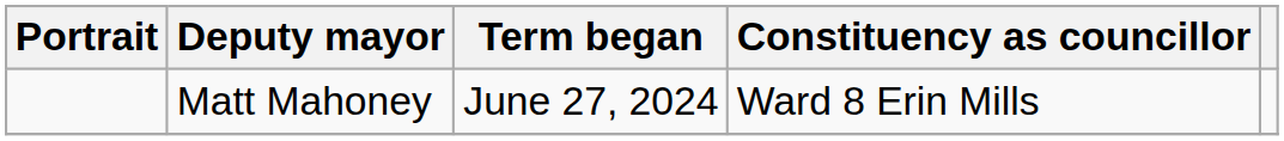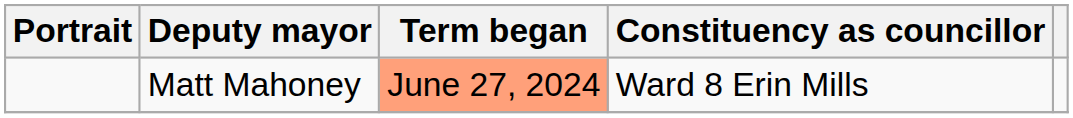 <table class="wikitable">
 <tr>
 <th>Portrait</th>
 <th>Deputy mayor</th>
 <th>Term began</th>
 <th>Constituency as councillor</th>
 <th></th>
 </tr>
 <tr>
 <td></td>
 <td>Matt Mahoney</td>
-<td>June 27, 2024</td>
+<td style="background: lightsalmon;">June 27, 2024</td>
 <td>Ward 8 Erin Mills</td>
 <td></td>
 </tr>
 <tr>
 </tr>
 </table>
